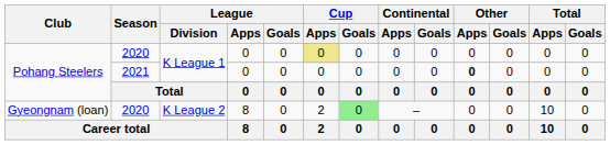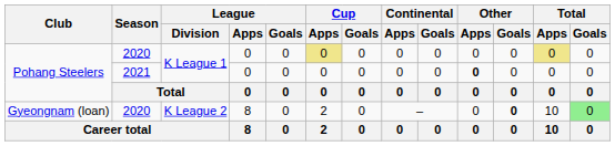 <table class="wikitable" style="text-align: center">
 <tr>
 <th rowspan="2">Club</th>
 <th rowspan="2">Season</th>
 <th colspan="3">League</th>
 <th colspan="2"><a href='#'>Cup</a></th>
 <th colspan="2">Continental</th>
 <th colspan="2">Other</th>
 <th colspan="2">Total</th>
 </tr>
 <tr>
 <th>Division</th>
 <th>Apps</th>
 <th>Goals</th>
 <th>Apps</th>
 <th>Goals</th>
 <th>Apps</th>
 <th>Goals</th>
 <th>Apps</th>
 <th>Goals</th>
 <th>Apps</th>
 <th>Goals</th>
 </tr>
 <tr>
 <td rowspan="3"><a href='#'>Pohang Steelers</a></td>
 <td><a href='#'>2020</a></td>
 <td rowspan="2"><a href='#'>K League 1</a></td>
 <td>0</td>
 <td>0</td>
 <td style="background: khaki;">0</td>
 <td>0</td>
 <td>0</td>
 <td>0</td>
 <td>0</td>
 <td>0</td>
-<td>0</td>
+<td style="background: khaki;">0</td>
 <td>0</td>
 </tr>
 <tr>
 <td><a href='#'>2021</a></td>
 <td>0</td>
 <td>0</td>
 <td>0</td>
 <td>0</td>
 <td>0</td>
 <td>0</td>
 <td><strong>0</strong></td>
 <td>0</td>
 <td>0</td>
 <td>0</td>
 </tr>
 <tr>
 <th colspan=2>Total</th>
 <th>0</th>
 <th>0</th>
 <th>0</th>
 <th>0</th>
 <th>0</th>
 <th>0</th>
 <th>0</th>
 <th>0</th>
 <th>0</th>
 <th>0</th>
 </tr>
 <tr>
 <td><a href='#'>Gyeongnam</a> (loan)</td>
 <td><a href='#'>2020</a></td>
 <td><a href='#'>K League 2</a></td>
 <td>8</td>
 <td>0</td>
 <td>2</td>
-<td style="background: lightgreen;">0</td>
+<td>0</td>
 <td colspan="2">–</td>
 <td>0</td>
-<td>0</td>
+<td><strong>0</strong></td>
 <td>10</td>
-<td>0</td>
+<td style="background: lightgreen;">0</td>
 </tr>
 <tr>
 <th colspan=3>Career total</th>
 <th>8</th>
 <th>0</th>
 <th>2</th>
 <th>0</th>
 <th>0</th>
 <th>0</th>
 <th>0</th>
 <th>0</th>
 <th>10</th>
 <th>0</th>
 </tr>
 </table>
